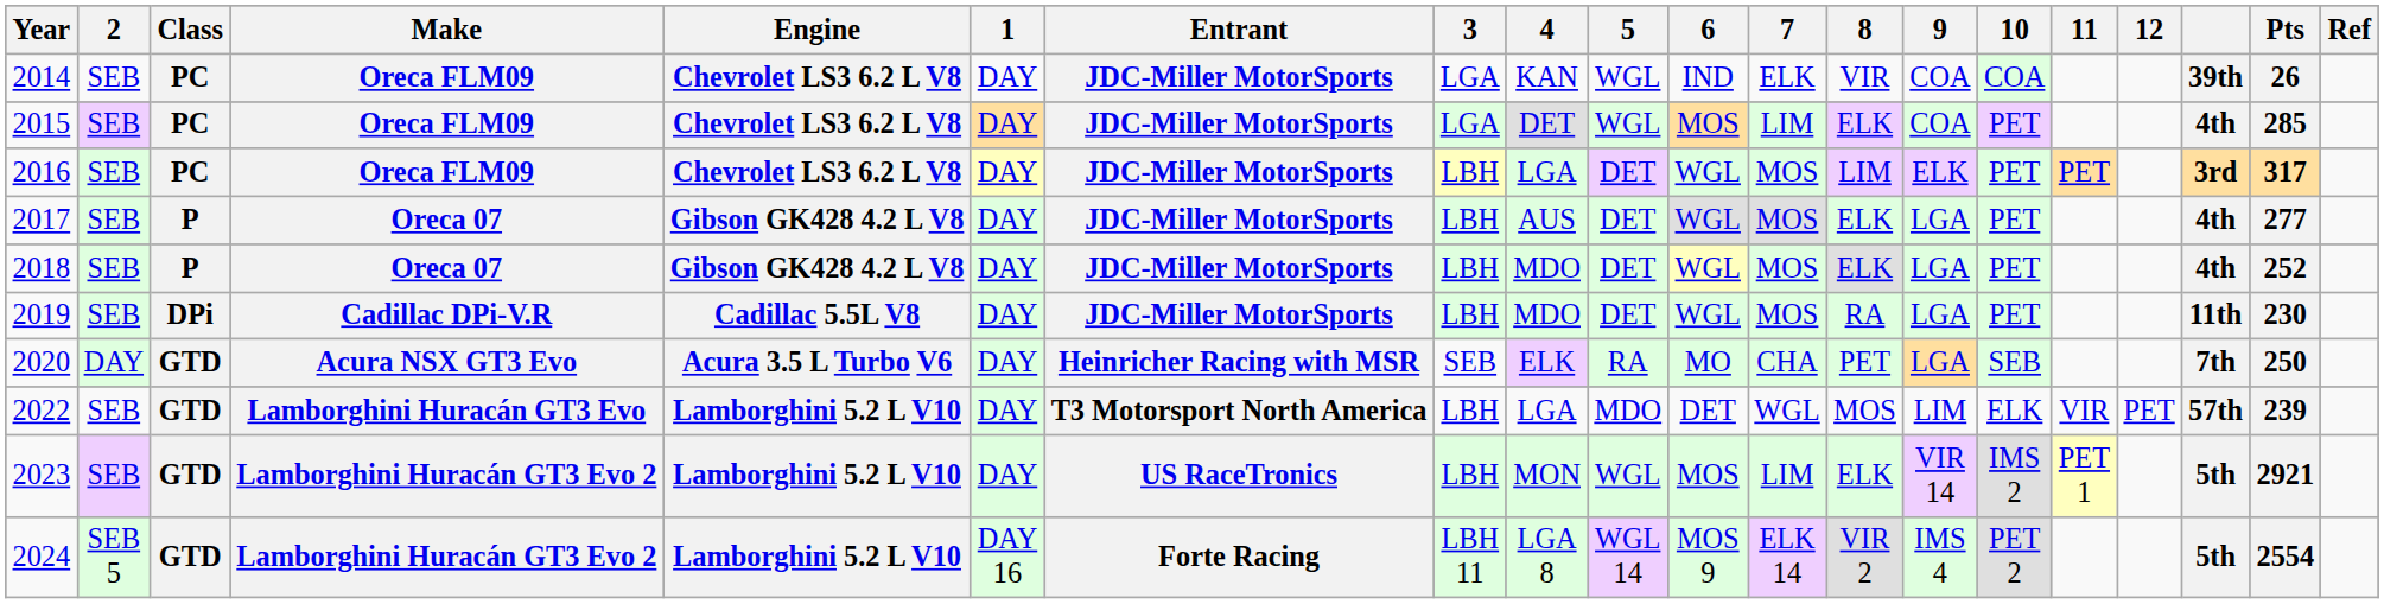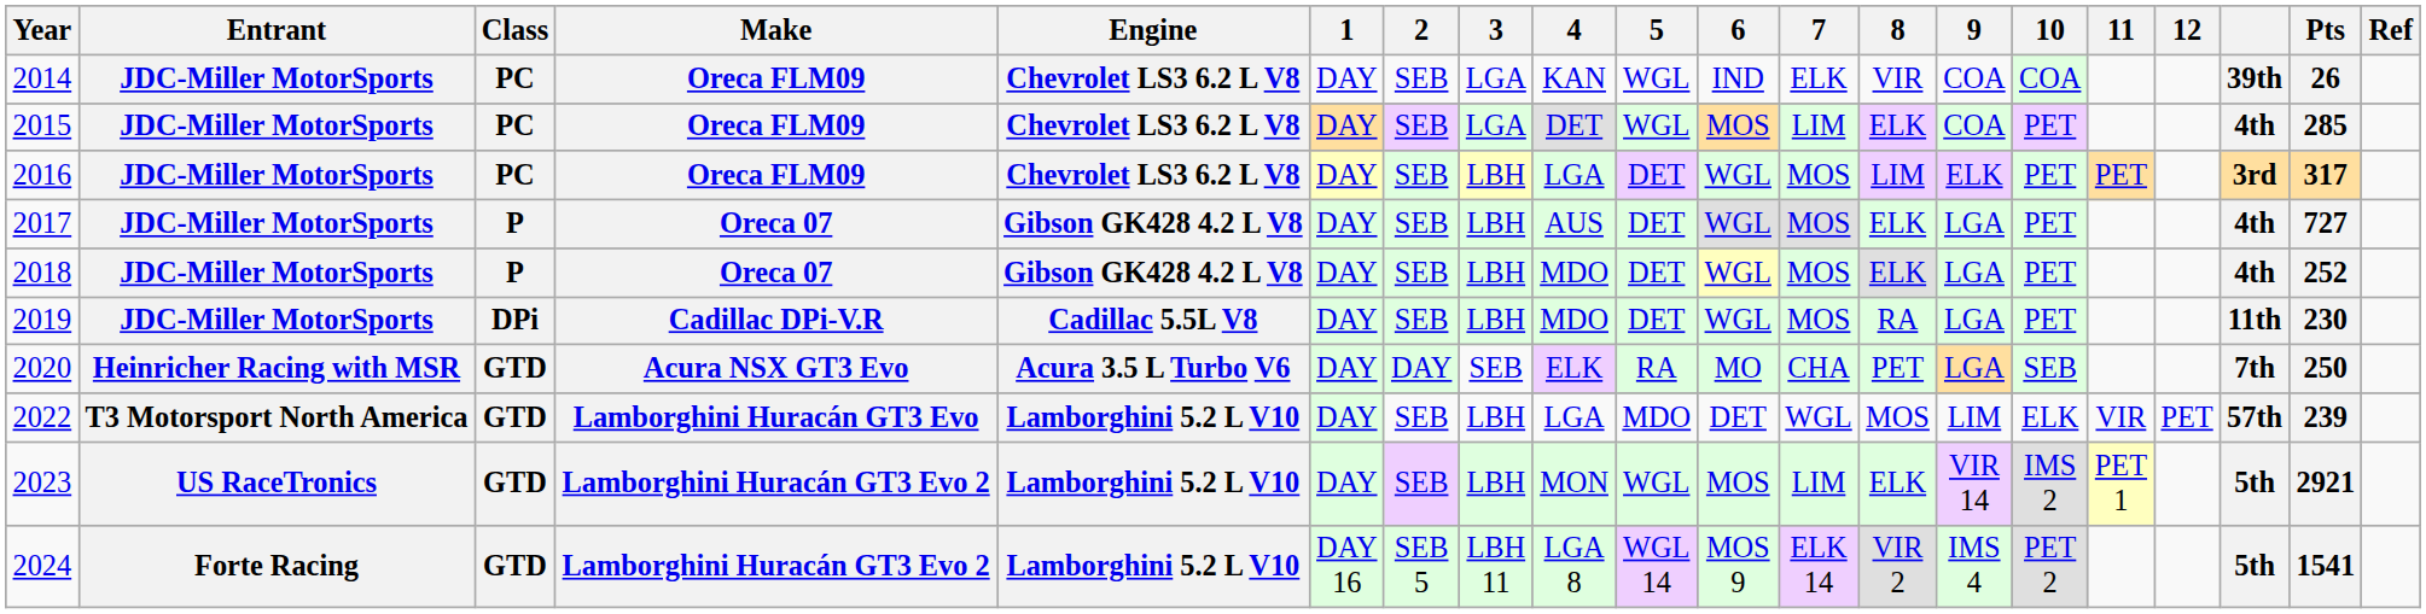 <table class="wikitable" style="text-align:center; font-size:90%">
 <tr>
 <th>Year</th>
-<th>2</th>
+<th>Entrant</th>
 <th>Class</th>
 <th>Make</th>
 <th>Engine</th>
 <th>1</th>
-<th>Entrant</th>
+<th>2</th>
 <th>3</th>
 <th>4</th>
 <th>5</th>
 <th>6</th>
 <th>7</th>
 <th>8</th>
 <th>9</th>
 <th>10</th>
 <th>11</th>
 <th>12</th>
 <th></th>
 <th>Pts</th>
 <th>Ref</th>
 </tr>
 <tr>
 <td><a href='#'>2014</a></td>
-<td style="background:#;"><a href='#'>SEB</a> <br></td>
+<th><a href='#'>JDC-Miller MotorSports</a></th>
 <th>PC</th>
 <th><a href='#'>Oreca FLM09</a></th>
 <th><a href='#'>Chevrolet</a> LS3 6.2 L <a href='#'>V8</a></th>
 <td style="background:#;”"><a href='#'>DAY</a><br></td>
-<th><a href='#'>JDC-Miller MotorSports</a></th>
+<td style="background:#;"><a href='#'>SEB</a> <br></td>
 <td style="background:#;"><a href='#'>LGA</a> <br></td>
 <td style="background:#;"><a href='#'>KAN</a><br></td>
 <td style="background:#;"><a href='#'>WGL</a> <br></td>
 <td style="background:#;"><a href='#'>IND</a> <br></td>
 <td style="background:#;"><a href='#'>ELK</a><br></td>
 <td style="background:#;"><a href='#'>VIR</a> <br></td>
 <td style="background:#;"><a href='#'>COA</a><br></td>
 <td style="background:#dfffdf;"><a href='#'>COA</a><br></td>
 <td></td>
 <td></td>
 <th>39th</th>
 <th>26</th>
 <td></td>
 </tr>
 <tr>
 <td><a href='#'>2015</a></td>
-<td style="background:#efcfff;"><a href='#'>SEB</a><br></td>
+<th><a href='#'>JDC-Miller MotorSports</a></th>
 <th>PC</th>
 <th><a href='#'>Oreca FLM09</a></th>
 <th><a href='#'>Chevrolet</a> LS3 6.2 L <a href='#'>V8</a></th>
 <td style="background:#ffdf9f;"><a href='#'>DAY</a><br></td>
-<th><a href='#'>JDC-Miller MotorSports</a></th>
+<td style="background:#efcfff;"><a href='#'>SEB</a><br></td>
 <td style="background:#dfffdf;"><a href='#'>LGA</a><br></td>
 <td style="background:#dfdfdf;"><a href='#'>DET</a><br></td>
 <td style="background:#dfffdf;"><a href='#'>WGL</a><br></td>
 <td style="background:#ffdf9f;"><a href='#'>MOS</a><br></td>
 <td style="background:#dfffdf;"><a href='#'>LIM</a><br></td>
 <td style="background:#efcfff;"><a href='#'>ELK</a><br></td>
 <td style="background:#dfffdf;"><a href='#'>COA</a><br></td>
 <td style="background:#efcfff;"><a href='#'>PET</a><br></td>
 <td></td>
 <td></td>
 <th>4th</th>
 <th>285</th>
 <td></td>
 </tr>
 <tr>
 <td><a href='#'>2016</a></td>
-<td style="background:#dfffdf;"><a href='#'>SEB</a><br></td>
+<th><a href='#'>JDC-Miller MotorSports</a></th>
 <th>PC</th>
 <th><a href='#'>Oreca FLM09</a></th>
 <th><a href='#'>Chevrolet</a> LS3 6.2 L <a href='#'>V8</a></th>
 <td style="background:#ffffbf;"><a href='#'>DAY</a><br></td>
-<th><a href='#'>JDC-Miller MotorSports</a></th>
+<td style="background:#dfffdf;"><a href='#'>SEB</a><br></td>
 <td style="background:#ffffbf;"><a href='#'>LBH</a><br></td>
 <td style="background:#dfffdf;"><a href='#'>LGA</a><br></td>
 <td style="background:#efcfff;"><a href='#'>DET</a><br></td>
 <td style="background:#dfffdf;"><a href='#'>WGL</a><br></td>
 <td style="background:#dfffdf;"><a href='#'>MOS</a><br></td>
 <td style="background:#efcfff;"><a href='#'>LIM</a><br></td>
 <td style="background:#efcfff;"><a href='#'>ELK</a><br></td>
 <td style="background:#dfffdf;"><a href='#'>PET</a><br></td>
 <td style="background:#ffdf9f;"><a href='#'>PET</a><br></td>
 <td></td>
 <th style="background:#ffdf9f;">3rd</th>
 <th style="background:#ffdf9f;">317</th>
 <td></td>
 </tr>
 <tr>
 <td><a href='#'>2017</a></td>
-<td style="background:#dfffdf;"><a href='#'>SEB</a><br></td>
+<th><a href='#'>JDC-Miller MotorSports</a></th>
 <th>P</th>
 <th><a href='#'>Oreca 07</a></th>
 <th><a href='#'>Gibson</a> GK428 4.2 L <a href='#'>V8</a></th>
 <td style="background:#dfffdf;"><a href='#'>DAY</a><br></td>
-<th><a href='#'>JDC-Miller MotorSports</a></th>
+<td style="background:#dfffdf;"><a href='#'>SEB</a><br></td>
 <td style="background:#dfffdf;"><a href='#'>LBH</a><br></td>
 <td style="background:#dfffdf;"><a href='#'>AUS</a><br></td>
 <td style="background:#dfffdf;"><a href='#'>DET</a><br></td>
 <td style="background:#dfdfdf;"><a href='#'>WGL</a><br></td>
 <td style="background:#dfdfdf;"><a href='#'>MOS</a><br></td>
 <td style="background:#dfffdf;"><a href='#'>ELK</a><br></td>
 <td style="background:#dfffdf;"><a href='#'>LGA</a><br></td>
 <td style="background:#dfffdf;"><a href='#'>PET</a><br></td>
 <td></td>
 <td></td>
 <th>4th</th>
-<th>277</th>
+<th>727</th>
 <td></td>
 </tr>
 <tr>
 <td><a href='#'>2018</a></td>
-<td style="background:#dfffdf;"><a href='#'>SEB</a><br></td>
+<th><a href='#'>JDC-Miller MotorSports</a></th>
 <th>P</th>
 <th><a href='#'>Oreca 07</a></th>
 <th><a href='#'>Gibson</a> GK428 4.2 L <a href='#'>V8</a></th>
 <td style="background:#dfffdf;"><a href='#'>DAY</a><br></td>
-<th><a href='#'>JDC-Miller MotorSports</a></th>
+<td style="background:#dfffdf;"><a href='#'>SEB</a><br></td>
 <td style="background:#dfffdf;"><a href='#'>LBH</a><br></td>
 <td style="background:#dfffdf;"><a href='#'>MDO</a><br></td>
 <td style="background:#dfffdf;"><a href='#'>DET</a><br></td>
 <td style="background:#ffffbf;"><a href='#'>WGL</a><br></td>
 <td style="background:#dfffdf;"><a href='#'>MOS</a><br></td>
 <td style="background:#dfdfdf;"><a href='#'>ELK</a><br></td>
 <td style="background:#dfffdf;"><a href='#'>LGA</a><br></td>
 <td style="background:#dfffdf;"><a href='#'>PET</a><br></td>
 <td></td>
 <td></td>
 <th>4th</th>
 <th>252</th>
 <td></td>
 </tr>
 <tr>
 <td><a href='#'>2019</a></td>
-<td style="background:#dfffdf;"><a href='#'>SEB</a><br></td>
+<th><a href='#'>JDC-Miller MotorSports</a></th>
 <th>DPi</th>
 <th><a href='#'>Cadillac DPi-V.R</a></th>
 <th><a href='#'>Cadillac</a> 5.5L <a href='#'>V8</a></th>
 <td style="background:#dfffdf;"><a href='#'>DAY</a><br></td>
-<th><a href='#'>JDC-Miller MotorSports</a></th>
+<td style="background:#dfffdf;"><a href='#'>SEB</a><br></td>
 <td style="background:#dfffdf;"><a href='#'>LBH</a><br></td>
 <td style="background:#dfffdf;"><a href='#'>MDO</a><br></td>
 <td style="background:#dfffdf;"><a href='#'>DET</a><br></td>
 <td style="background:#dfffdf;"><a href='#'>WGL</a><br></td>
 <td style="background:#dfffdf;"><a href='#'>MOS</a><br></td>
 <td style="background:#dfffdf;"><a href='#'>RA</a><br></td>
 <td style="background:#dfffdf;"><a href='#'>LGA</a><br></td>
 <td style="background:#dfffdf;"><a href='#'>PET</a><br></td>
 <td></td>
 <td></td>
 <th>11th</th>
 <th>230</th>
 <td></td>
 </tr>
 <tr>
 <td><a href='#'>2020</a></td>
-<td style="background:#dfffdf;"><a href='#'>DAY</a><br></td>
+<th><a href='#'>Heinricher Racing with MSR</a></th>
 <th>GTD</th>
 <th><a href='#'>Acura NSX GT3 Evo</a></th>
 <th><a href='#'>Acura</a> 3.5 L <a href='#'>Turbo</a> <a href='#'>V6</a></th>
 <td style="background:#dfffdf;"><a href='#'>DAY</a><br></td>
-<th><a href='#'>Heinricher Racing with MSR</a></th>
+<td style="background:#dfffdf;"><a href='#'>DAY</a><br></td>
 <td><a href='#'>SEB</a><br></td>
 <td style="background:#efcfff;"><a href='#'>ELK</a><br></td>
 <td style="background:#dfffdf;"><a href='#'>RA</a><br></td>
 <td style="background:#dfffdf;"><a href='#'>MO</a><br></td>
 <td style="background:#dfffdf;"><a href='#'>CHA</a><br></td>
 <td style="background:#dfffdf;"><a href='#'>PET</a><br></td>
 <td style="background:#ffdf9f;"><a href='#'>LGA</a><br></td>
 <td style="background:#dfffdf;"><a href='#'>SEB</a><br></td>
 <td></td>
 <td></td>
 <th>7th</th>
 <th>250</th>
 <td></td>
 </tr>
 <tr>
 <td><a href='#'>2022</a></td>
-<td style="background:#;”"><a href='#'>SEB</a><br></td>
+<th>T3 Motorsport North America</th>
 <th>GTD</th>
 <th><a href='#'>Lamborghini Huracán GT3 Evo</a></th>
 <th><a href='#'>Lamborghini</a> 5.2 L <a href='#'>V10</a></th>
 <td style="background:#DFFFDF;"><a href='#'>DAY</a><br></td>
-<th>T3 Motorsport North America</th>
+<td style="background:#;”"><a href='#'>SEB</a><br></td>
 <td style="background:#;”"><a href='#'>LBH</a><br></td>
 <td style="background:#;”"><a href='#'>LGA</a><br></td>
 <td style="background:#;”"><a href='#'>MDO</a><br></td>
 <td style="background:#;”"><a href='#'>DET</a><br></td>
 <td style="background:#;”"><a href='#'>WGL</a><br></td>
 <td style="background:#;”"><a href='#'>MOS</a><br></td>
 <td style="background:#;”"><a href='#'>LIM</a><br></td>
 <td style="background:#;”"><a href='#'>ELK</a><br></td>
 <td style="background:#;”"><a href='#'>VIR</a><br></td>
 <td style="background:#;”"><a href='#'>PET</a><br></td>
 <th>57th</th>
 <th>239</th>
 <td></td>
 </tr>
 <tr>
 <td><a href='#'>2023</a></td>
-<td style="background:#efcfff;"><a href='#'>SEB</a><br></td>
+<th><a href='#'>US RaceTronics</a></th>
 <th>GTD</th>
 <th><a href='#'>Lamborghini Huracán GT3 Evo 2</a></th>
 <th><a href='#'>Lamborghini</a> 5.2 L <a href='#'>V10</a></th>
 <td style="background:#dfffdf;"><a href='#'>DAY</a><br></td>
-<th><a href='#'>US RaceTronics</a></th>
+<td style="background:#efcfff;"><a href='#'>SEB</a><br></td>
 <td style="background:#dfffdf;"><a href='#'>LBH</a><br></td>
 <td style="background:#dfffdf;"><a href='#'>MON</a><br></td>
 <td style="background:#dfffdf;"><a href='#'>WGL</a><br></td>
 <td style="background:#dfffdf;"><a href='#'>MOS</a><br></td>
 <td style="background:#dfffdf;"><a href='#'>LIM</a><br></td>
 <td style="background:#dfffdf;"><a href='#'>ELK</a><br></td>
 <td style="background:#EFCFFF;"><a href='#'>VIR</a><br>14</td>
 <td style="background:#DFDFDF;”"><a href='#'>IMS</a><br>2</td>
 <td style="background:#FFFFBF;”"><a href='#'>PET</a><br>1</td>
 <td></td>
 <th>5th</th>
 <th>2921</th>
 <td></td>
 </tr>
 <tr>
 <td><a href='#'>2024</a></td>
-<td style="background:#DFFFDF;"><a href='#'>SEB</a><br>5</td>
+<th>Forte Racing</th>
 <th>GTD</th>
 <th><a href='#'>Lamborghini Huracán GT3 Evo 2</a></th>
 <th><a href='#'>Lamborghini</a> 5.2 L <a href='#'>V10</a></th>
 <td style="background:#DFFFDF;"><a href='#'>DAY</a><br>16</td>
-<th>Forte Racing</th>
+<td style="background:#DFFFDF;"><a href='#'>SEB</a><br>5</td>
 <td style="background:#DFFFDF;"><a href='#'>LBH</a><br>11</td>
 <td style="background:#DFFFDF;"><a href='#'>LGA</a><br>8</td>
 <td style="background:#EFCFFF;"><a href='#'>WGL</a><br>14</td>
 <td style="background:#DFFFDF;"><a href='#'>MOS</a><br>9</td>
 <td style="background:#EFCFFF;"><a href='#'>ELK</a><br>14</td>
 <td style="background:#DFDFDF;”"><a href='#'>VIR</a><br>2</td>
 <td style="background:#DFFFDF;"><a href='#'>IMS</a><br>4</td>
 <td style="background:#DFDFDF;”"><a href='#'>PET</a><br>2</td>
 <td></td>
 <td></td>
 <th>5th</th>
-<th>2554</th>
+<th>1541</th>
 <td></td>
 </tr>
 </table>
